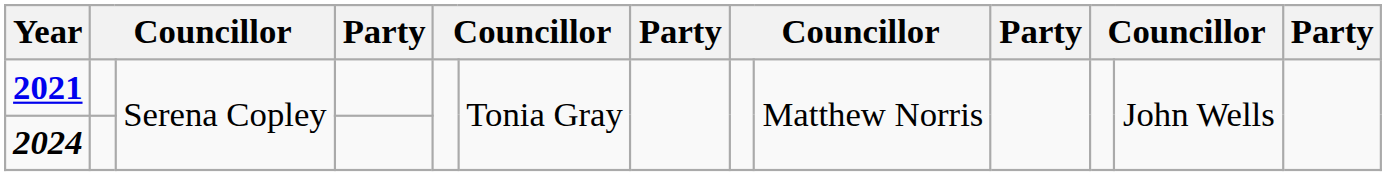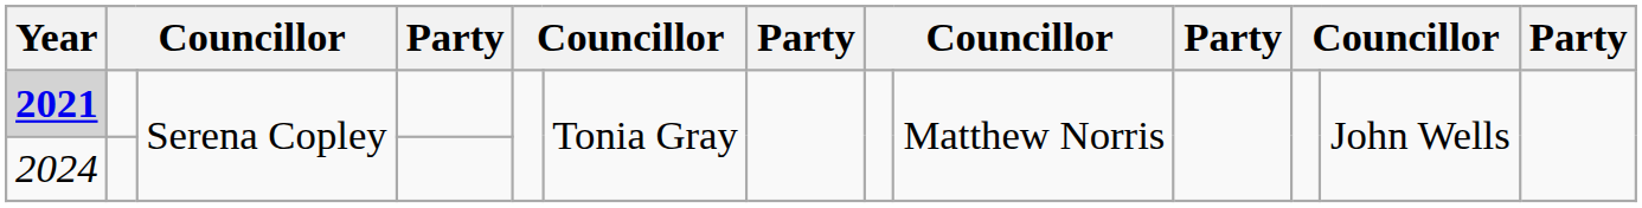 <table class="wikitable">
 <tr>
 <th>Year</th>
 <th colspan="2">Councillor</th>
 <th>Party</th>
 <th colspan="2">Councillor</th>
 <th>Party</th>
 <th colspan="2">Councillor</th>
 <th>Party</th>
 <th colspan="2">Councillor</th>
 <th>Party</th>
 </tr>
 <tr>
-<td align=center><strong><a href='#'>2021</a></strong></td>
+<td align=center style="background: lightgrey;"><strong><a href='#'>2021</a></strong></td>
 <td rowspan="1" width="1px" > </td>
 <td rowspan="2">Serena Copley</td>
 <td rowspan="1"></td>
 <td rowspan="2" width="1px" > </td>
 <td rowspan="2">Tonia Gray</td>
 <td rowspan="2"></td>
 <td rowspan="2" width="1px" > </td>
 <td rowspan="2">Matthew Norris</td>
 <td rowspan="2"></td>
 <td rowspan="2" width="1px" > </td>
 <td rowspan="2">John Wells</td>
 <td rowspan="2"></td>
 </tr>
 <tr>
-<td align=center><strong><em>2024</em></strong></td>
+<td align=center><em>2024</em></td>
 <td rowspan="1" width="1px" > </td>
 <td rowspan="1"></td>
 </tr>
 </table>
